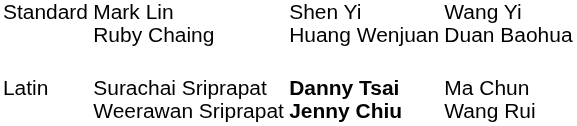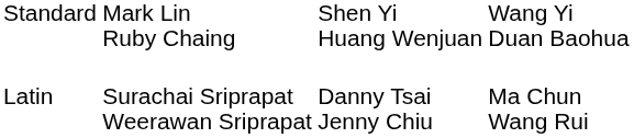 <table>
 <tr>
 <td>Standard</td>
 <td><br>Mark Lin<br>Ruby Chaing</td>
 <td><br>Shen Yi<br>Huang Wenjuan</td>
 <td><br>Wang Yi<br>Duan Baohua</td>
 </tr>
 <tr>
 <td>Latin</td>
 <td><br>Surachai Sriprapat<br>Weerawan Sriprapat</td>
-<td><strong><br>Danny Tsai<br>Jenny Chiu</strong></td>
+<td><br>Danny Tsai<br>Jenny Chiu</td>
 <td><br>Ma Chun<br>Wang Rui</td>
 </tr>
 </table>
